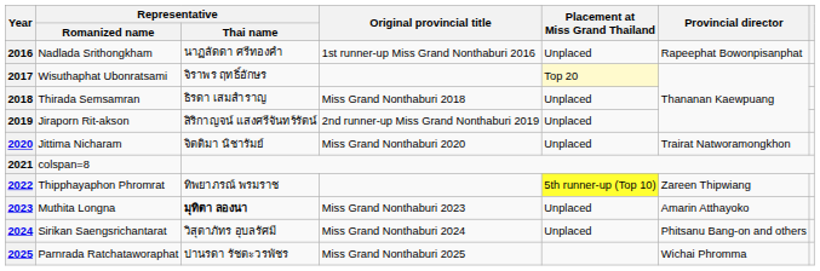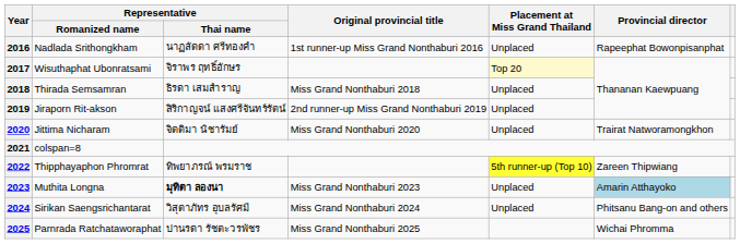 <table class="wikitable defaultcenter col2left col3left col6left" style="font-size:95%;">
 <tr>
 <th rowspan=2>Year</th>
 <th colspan=2>Representative</th>
 <th rowspan=2>Original provincial title</th>
 <th rowspan=2>Placement at<br>Miss Grand Thailand</th>
 <th rowspan=2>Provincial director</th>
 <th rowspan=2></th>
 </tr>
 <tr>
 <th>Romanized name</th>
 <th>Thai name</th>
 </tr>
 <tr>
 <th>2016</th>
 <td>Nadlada Srithongkham</td>
 <td>นาฏลัดดา ศรีทองคำ</td>
 <td>1st runner-up Miss Grand Nonthaburi 2016</td>
 <td>Unplaced</td>
 <td>Rapeephat Bowonpisanphat</td>
 <td></td>
 </tr>
 <tr>
 <th>2017</th>
 <td>Wisuthaphat Ubonratsami</td>
 <td>จิราพร ฤทธิ์อักษร</td>
 <td></td>
 <td bgcolor=#FFFACD>Top 20</td>
 <td rowspan=3>Thananan Kaewpuang</td>
 <td></td>
 </tr>
 <tr>
 <th>2018</th>
 <td>Thirada Semsamran</td>
 <td>ธิรดา เสมสำราญ</td>
 <td>Miss Grand Nonthaburi 2018</td>
 <td>Unplaced</td>
 <td></td>
 </tr>
 <tr>
 <th>2019</th>
 <td>Jiraporn Rit-akson</td>
 <td>สิริกาญจน์ แสงศรีจันทร์รัตน์</td>
 <td>2nd runner-up Miss Grand Nonthaburi 2019</td>
 <td>Unplaced</td>
 <td></td>
 </tr>
 <tr>
 <th><a href='#'>2020</a></th>
 <td>Jittima Nicharam</td>
 <td>จิตติมา นิชารัมย์</td>
 <td>Miss Grand Nonthaburi 2020</td>
 <td>Unplaced</td>
 <td>Trairat Natworamongkhon</td>
 <td></td>
 </tr>
 <tr>
 <th>2021</th>
 <td>colspan=8 </td>
 </tr>
 <tr>
 <th><a href='#'>2022</a></th>
 <td>Thipphayaphon Phromrat</td>
 <td>ทิพยาภรณ์ พรมราช</td>
 <td></td>
 <td bgcolor=#FFFF33>5th runner-up (Top 10)</td>
 <td>Zareen Thipwiang</td>
 <td></td>
 </tr>
 <tr>
 <th><a href='#'>2023</a></th>
 <td>Muthita Longna</td>
 <td><strong>มุทิตา ลองนา</strong></td>
 <td>Miss Grand Nonthaburi 2023</td>
 <td>Unplaced</td>
-<td>Amarin Atthayoko</td>
+<td style="background: lightblue;">Amarin Atthayoko</td>
 <td></td>
 </tr>
 <tr>
 <th><a href='#'>2024</a></th>
 <td>Sirikan Saengsrichantarat</td>
 <td>วิสุตาภัทร อุบลรัศมี</td>
 <td>Miss Grand Nonthaburi 2024</td>
 <td>Unplaced</td>
 <td>Phitsanu Bang-on and others</td>
 <td></td>
 </tr>
 <tr>
 <th><a href='#'>2025</a></th>
 <td>Parnrada Ratchataworaphat</td>
 <td>ปานรดา รัชตะวรพัชร</td>
 <td>Miss Grand Nonthaburi 2025</td>
 <td></td>
 <td>Wichai Phromma</td>
 <td></td>
 </tr>
 </table>
